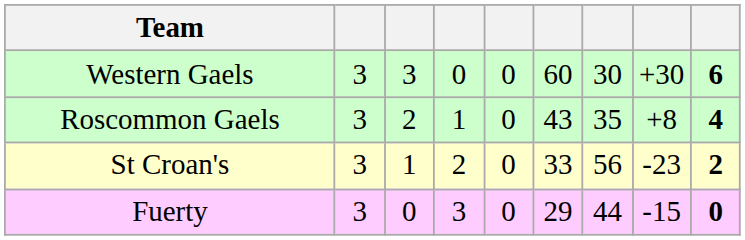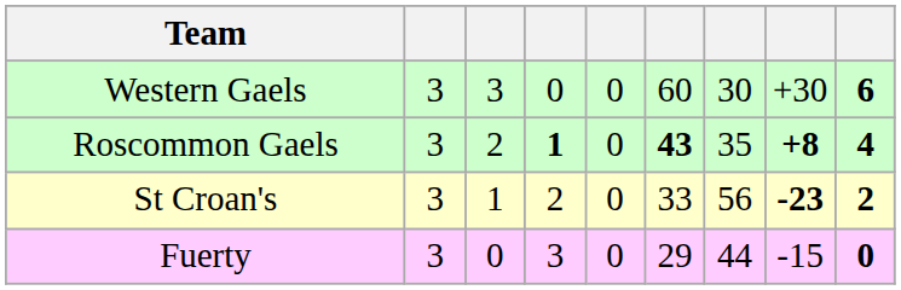 <table class="wikitable" style="text-align:center">
 <tr>
 <th style="width:175px;">Team</th>
 <th width="20"></th>
 <th width="20"></th>
 <th width="20"></th>
 <th width="20"></th>
 <th width="20"></th>
 <th width="20"></th>
 <th width="20"></th>
 <th width="20"></th>
 </tr>
 <tr style="background:#cfc;">
 <td>Western Gaels</td>
 <td>3</td>
 <td>3</td>
 <td>0</td>
 <td>0</td>
 <td>60</td>
 <td>30</td>
 <td>+30</td>
 <td><strong>6</strong></td>
 </tr>
 <tr style="background:#cfc;">
 <td>Roscommon Gaels</td>
 <td>3</td>
 <td>2</td>
-<td>1</td>
+<td><strong>1</strong></td>
 <td>0</td>
-<td>43</td>
+<td><strong>43</strong></td>
 <td>35</td>
-<td>+8</td>
+<td><strong>+8</strong></td>
 <td><strong>4</strong></td>
 </tr>
 <tr style="background:#ffffcc;">
 <td>St Croan's</td>
 <td>3</td>
 <td>1</td>
 <td>2</td>
 <td>0</td>
 <td>33</td>
 <td>56</td>
-<td>-23</td>
+<td><strong>-23</strong></td>
 <td><strong>2</strong></td>
 </tr>
 <tr style="background:#fcf;">
 <td>Fuerty</td>
 <td>3</td>
 <td>0</td>
 <td>3</td>
 <td>0</td>
 <td>29</td>
 <td>44</td>
 <td>-15</td>
 <td><strong>0</strong></td>
 </tr>
 </table>
